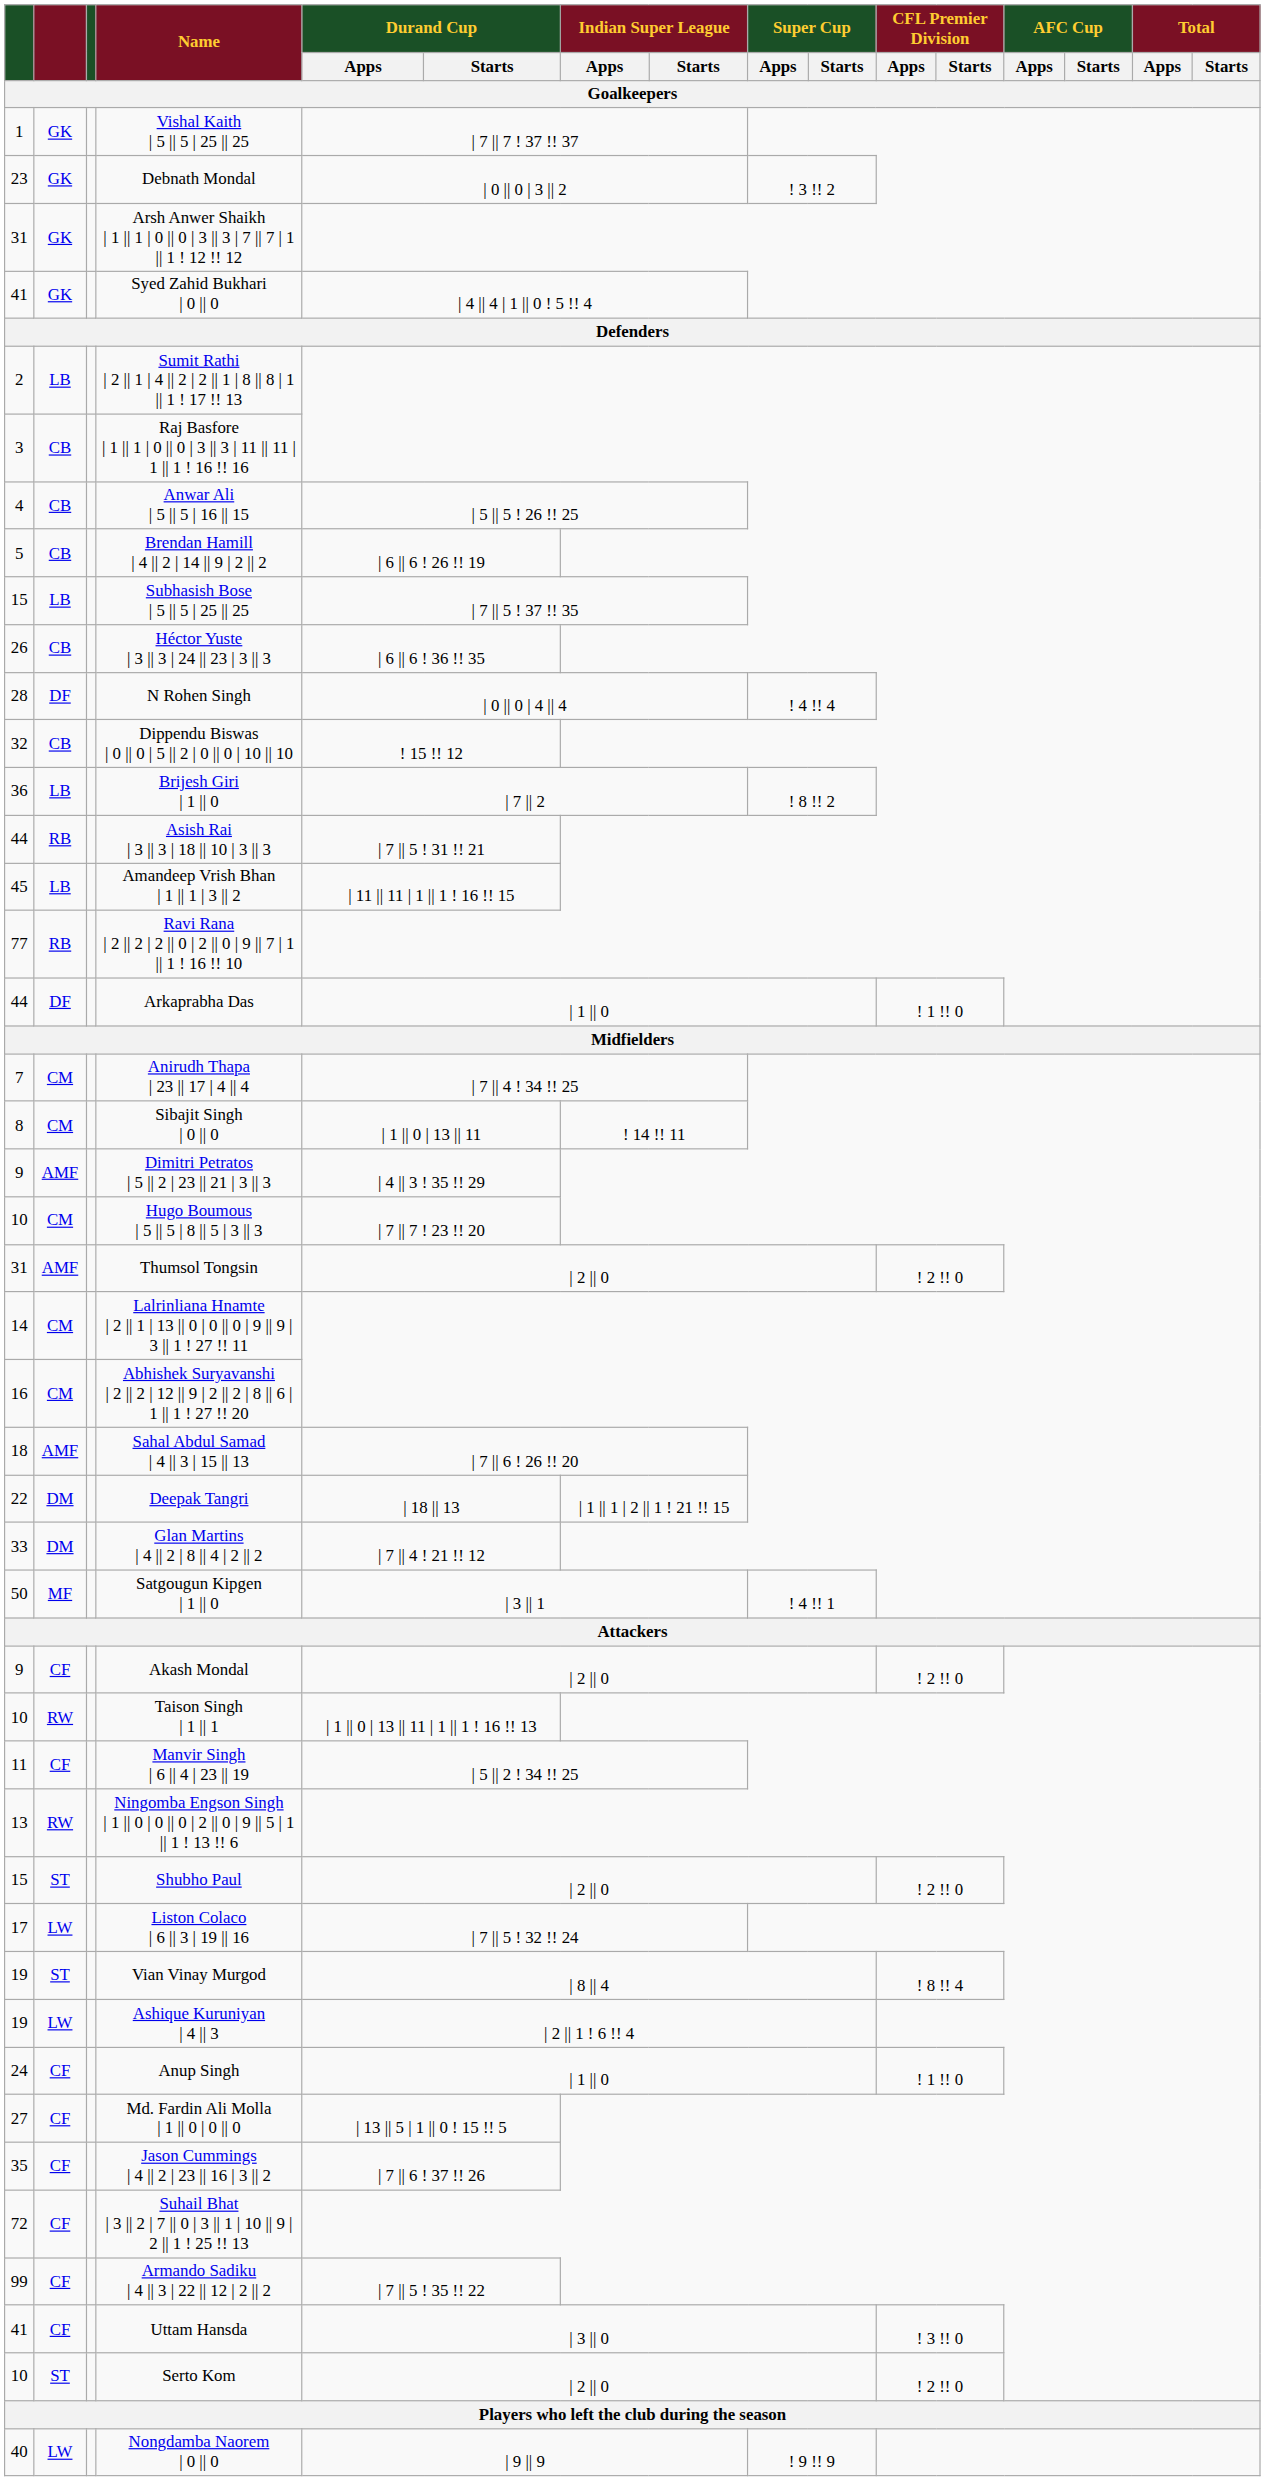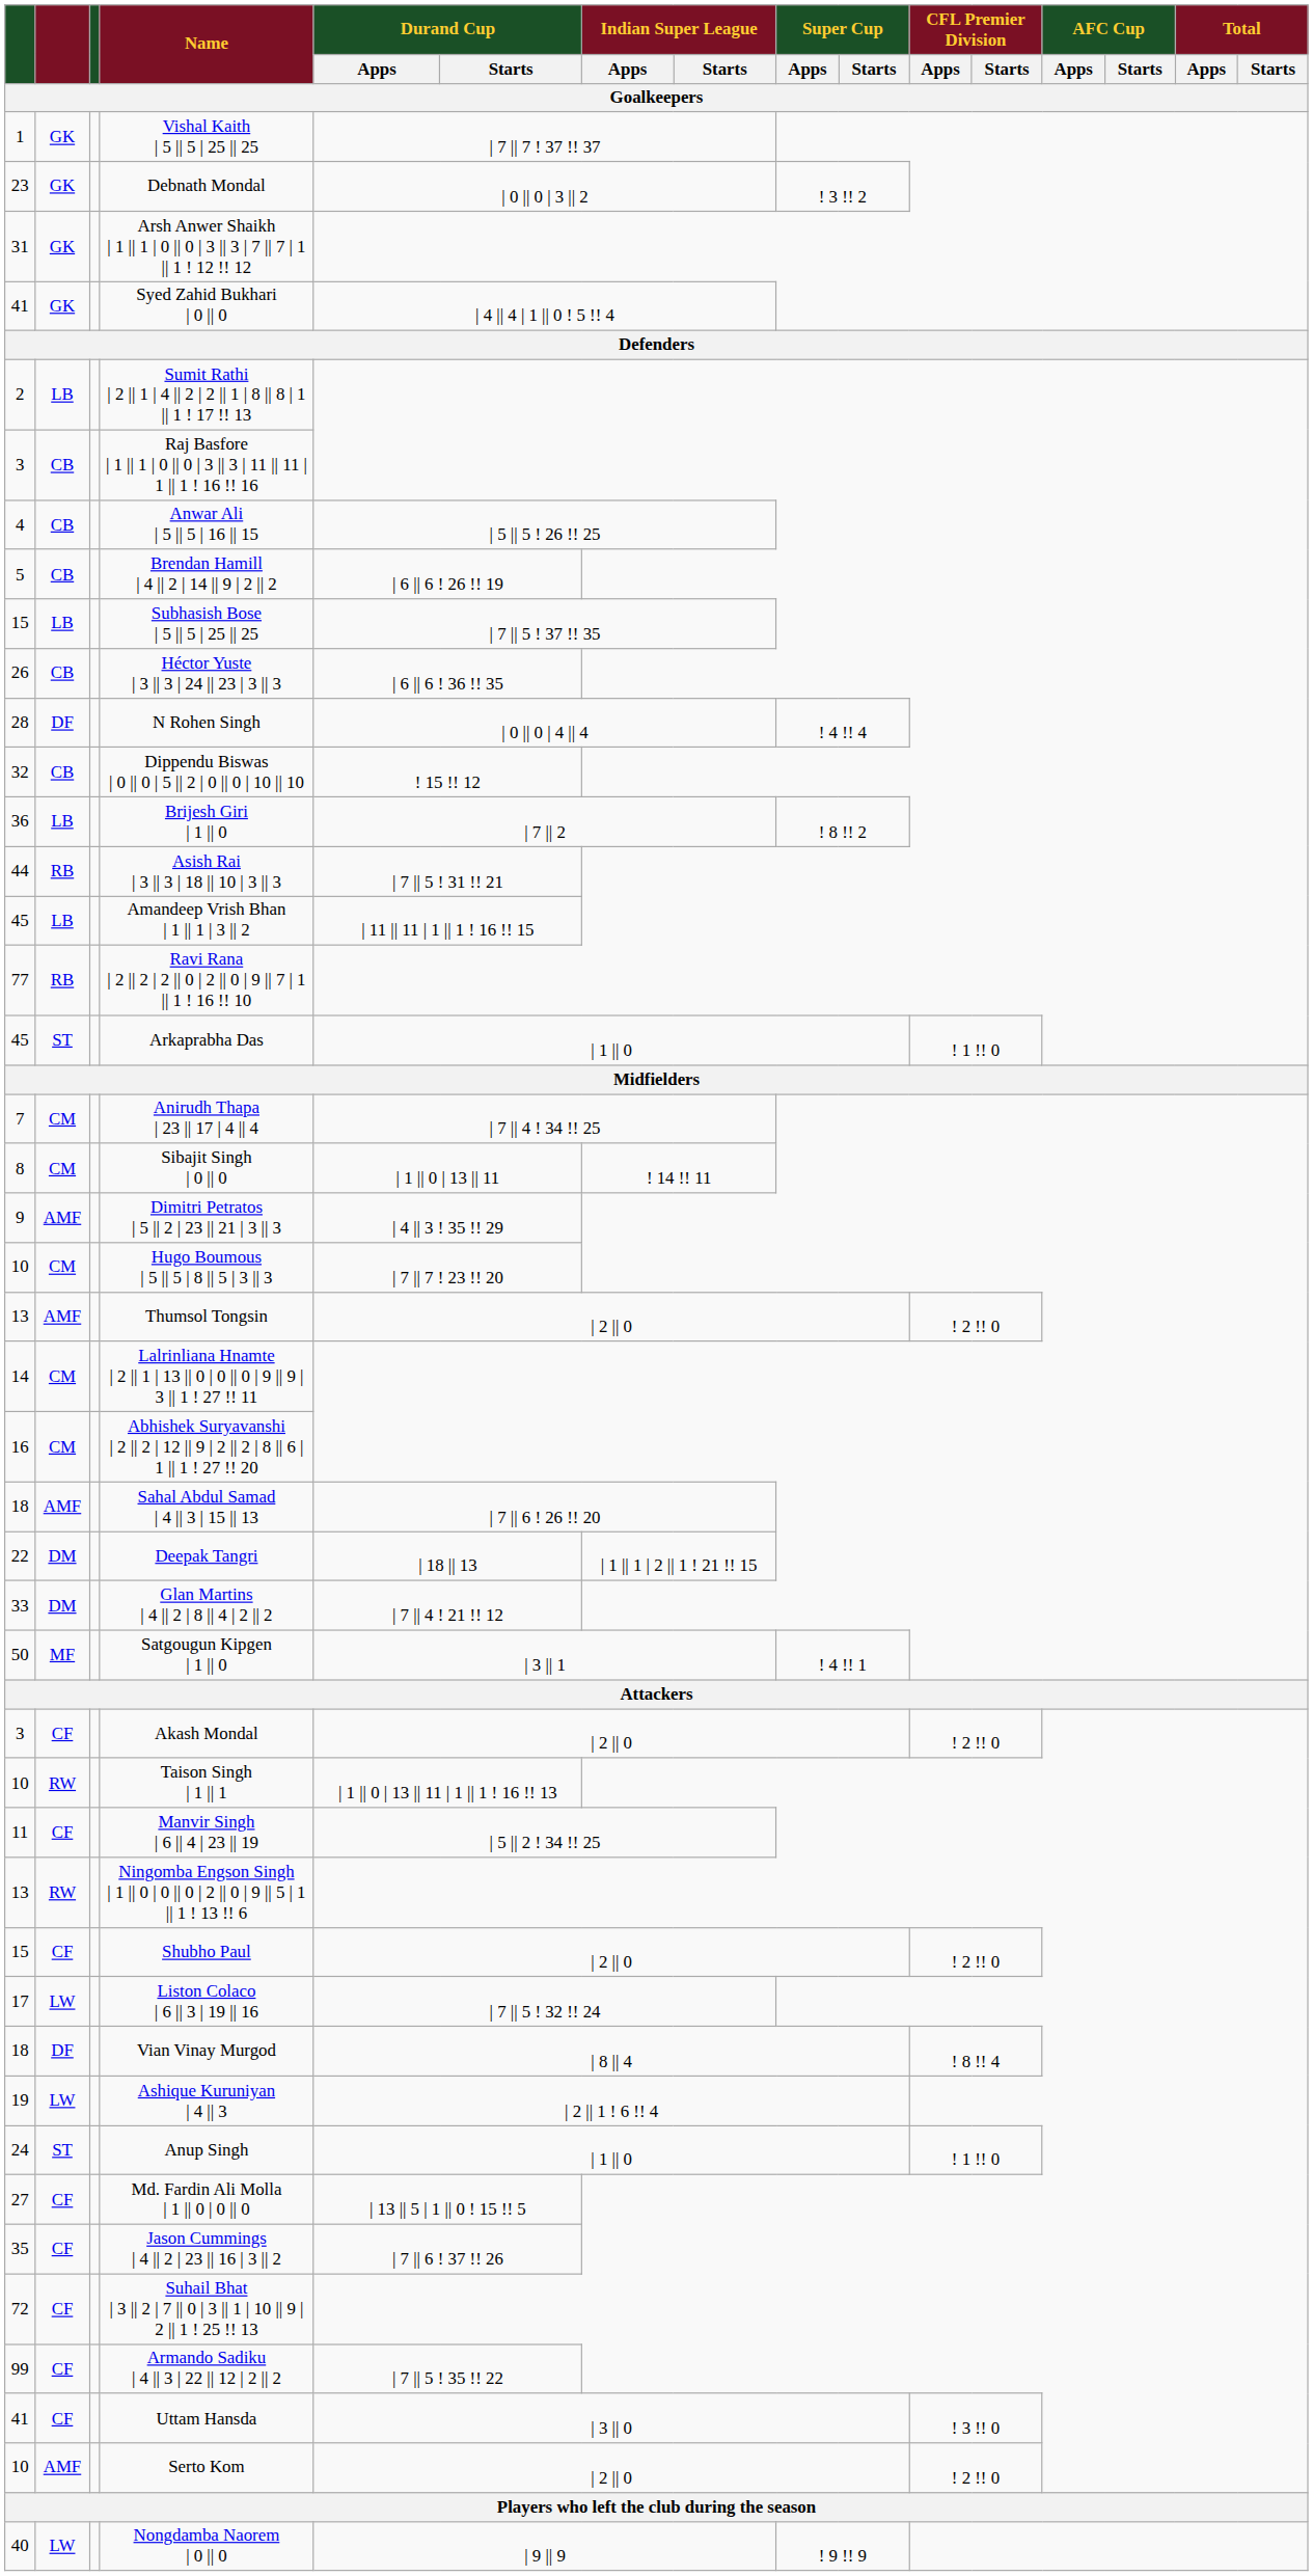 <table class="wikitable sortable" style="text-align:center; font-size:90%; width:85%;">
 <tr>
 <th style="background:#1A5026; color:#ffcd31; text-align:center;" rowspan="2"></th>
 <th style="background:#7A1024; color:#ffcd31; text-align:center;" rowspan="2"></th>
 <th style="background:#1A5026; color:#ffcd31; text-align:center;" rowspan="2"></th>
 <th style="background:#7A1024; color:#ffcd31; text-align:center; width:170px;" rowspan="2">Name</th>
 <th style="background:#1A5026; color:#ffcd31; text-align:center; width:86px;" colspan="2">Durand Cup</th>
 <th style="background:#7A1024; color:#ffcd31; text-align:center; width:86px;" colspan="2">Indian Super League</th>
 <th style="background:#1A5026; color:#ffcd31; text-align:center; width:86px;" colspan="2">Super Cup</th>
 <th style="background:#7A1024; color:#ffcd31; text-align:center; width:86px;" colspan="2">CFL Premier Division</th>
 <th style="background:#1A5026; color:#ffcd31; text-align:center; width:86px;" colspan="2">AFC Cup</th>
 <th style="background:#7A1024; color:#ffcd31; text-align:center; width:86px;" colspan="2">Total</th>
 </tr>
 <tr>
 <th>Apps</th>
 <th>Starts</th>
 <th>Apps</th>
 <th>Starts</th>
 <th>Apps</th>
 <th>Starts</th>
 <th>Apps</th>
 <th>Starts</th>
 <th>Apps</th>
 <th>Starts</th>
 <th>Apps</th>
 <th>Starts</th>
 </tr>
 <tr>
 <th colspan="16"><strong>Goalkeepers</strong></th>
 </tr>
 <tr>
 <td>1</td>
 <td><a href='#'>GK</a></td>
 <td></td>
 <td><a href='#'>Vishal Kaith</a><br>| 5 || 5 | 25 || 25</td>
 <td colspan="4"><br>| 7 ||  7 ! 37 !! 37</td>
 </tr>
 <tr>
 <td>23</td>
 <td><a href='#'>GK</a></td>
 <td></td>
 <td>Debnath Mondal</td>
 <td colspan="4"><br>| 0 || 0 | 3 || 2</td>
 <td colspan="2"><br>! 3 !! 2</td>
 </tr>
 <tr>
 <td>31</td>
 <td><a href='#'>GK</a></td>
 <td></td>
 <td>Arsh Anwer Shaikh<br>| 1 || 1  | 0 || 0 | 3 || 3 | 7 || 7  | 1 || 1 ! 12 !! 12</td>
 </tr>
 <tr>
 <td>41</td>
 <td><a href='#'>GK</a></td>
 <td></td>
 <td>Syed Zahid Bukhari<br>| 0 || 0</td>
 <td colspan="4"><br>| 4 || 4  | 1 || 0 ! 5 !! 4</td>
 </tr>
 <tr>
 <th colspan="16"><strong>Defenders</strong></th>
 </tr>
 <tr>
 <td>2</td>
 <td><a href='#'>LB</a></td>
 <td></td>
 <td><a href='#'>Sumit Rathi</a><br>| 2 || 1 | 4 || 2 | 2 || 1 | 8 || 8 | 1 || 1 ! 17 !! 13</td>
 </tr>
 <tr>
 <td>3</td>
 <td><a href='#'>CB</a></td>
 <td></td>
 <td>Raj Basfore<br>| 1 || 1 | 0 || 0 | 3 || 3 | 11 || 11 | 1 || 1 ! 16 !! 16</td>
 </tr>
 <tr>
 <td>4</td>
 <td><a href='#'>CB</a></td>
 <td></td>
 <td><a href='#'>Anwar Ali</a><br>| 5 || 5 | 16 || 15</td>
 <td colspan="4"><br>| 5 || 5 ! 26 !! 25</td>
 </tr>
 <tr>
 <td>5</td>
 <td><a href='#'>CB</a></td>
 <td></td>
 <td><a href='#'>Brendan Hamill</a><br>| 4 || 2 | 14 || 9 | 2 || 2</td>
 <td colspan="2"><br>| 6 || 6 ! 26 !! 19</td>
 </tr>
 <tr>
 <td>15</td>
 <td><a href='#'>LB</a></td>
 <td></td>
 <td><a href='#'>Subhasish Bose</a><br>| 5 || 5 | 25 || 25</td>
 <td colspan="4"><br>| 7 || 5 ! 37 !! 35</td>
 </tr>
 <tr>
 <td>26</td>
 <td><a href='#'>CB</a></td>
 <td></td>
 <td><a href='#'>Héctor Yuste</a><br>| 3 || 3 | 24 || 23 | 3 || 3</td>
 <td colspan="2"><br>| 6 || 6 ! 36 !! 35</td>
 </tr>
 <tr>
 <td>28</td>
 <td><a href='#'>DF</a></td>
 <td></td>
 <td>N Rohen Singh</td>
 <td colspan="4"><br>| 0 || 0 | 4 || 4</td>
 <td colspan="2"><br>! 4 !! 4</td>
 </tr>
 <tr>
 <td>32</td>
 <td><a href='#'>CB</a></td>
 <td></td>
 <td>Dippendu Biswas<br>| 0 || 0 | 5 || 2 | 0 || 0 | 10 || 10</td>
 <td colspan="2"><br>! 15 !! 12</td>
 </tr>
 <tr>
 <td>36</td>
 <td><a href='#'>LB</a></td>
 <td></td>
 <td><a href='#'>Brijesh Giri</a><br>| 1 || 0</td>
 <td colspan="4"><br>| 7 || 2</td>
 <td colspan="2"><br>! 8 !! 2</td>
 </tr>
 <tr>
 <td>44</td>
 <td><a href='#'>RB</a></td>
 <td></td>
 <td><a href='#'>Asish Rai</a><br>| 3 || 3 | 18 || 10 | 3 || 3</td>
 <td colspan="2"><br>| 7 || 5 ! 31 !! 21</td>
 </tr>
 <tr>
 <td>45</td>
 <td><a href='#'>LB</a></td>
 <td></td>
 <td>Amandeep Vrish Bhan<br>| 1 || 1 | 3 || 2</td>
 <td colspan="2"><br>| 11 || 11 | 1 || 1 ! 16 !! 15</td>
 </tr>
 <tr>
 <td>77</td>
 <td><a href='#'>RB</a></td>
 <td></td>
 <td><a href='#'>Ravi Rana</a><br>| 2 || 2 | 2 || 0 | 2 || 0  | 9 || 7  | 1 || 1 ! 16 !! 10</td>
 </tr>
 <tr>
-<td>44</td>
-<td><a href='#'>DF</a></td>
+<td>45</td>
+<td><a href='#'>ST</a></td>
 <td><br></td>
 <td>Arkaprabha Das</td>
 <td colspan="6"><br>| 1 || 0</td>
 <td colspan="2"><br>! 1 !! 0</td>
 </tr>
 <tr>
 <th colspan="16"><strong>Midfielders</strong></th>
 </tr>
 <tr>
 <td>7</td>
 <td><a href='#'>CM</a></td>
 <td></td>
 <td><a href='#'>Anirudh Thapa</a><br>| 23 || 17 | 4 || 4</td>
 <td colspan="4"><br>| 7 || 4 ! 34 !! 25</td>
 </tr>
 <tr>
 <td>8</td>
 <td><a href='#'>CM</a></td>
 <td></td>
 <td>Sibajit Singh<br>| 0 || 0</td>
 <td colspan="2"><br>| 1 || 0 | 13 || 11</td>
 <td colspan="2"><br>! 14 !! 11</td>
 </tr>
 <tr>
 <td>9</td>
 <td><a href='#'>AMF</a></td>
 <td></td>
 <td><a href='#'>Dimitri Petratos</a><br>| 5 || 2 | 23 || 21 | 3 || 3</td>
 <td colspan="2"><br>| 4 || 3 ! 35 !! 29</td>
 </tr>
 <tr>
 <td>10</td>
 <td><a href='#'>CM</a></td>
 <td></td>
 <td><a href='#'>Hugo Boumous</a><br>| 5 || 5 | 8 || 5 | 3 || 3</td>
 <td colspan="2"><br>| 7 || 7 ! 23 !! 20</td>
 </tr>
 <tr>
-<td>31</td>
+<td>13</td>
 <td><a href='#'>AMF</a></td>
 <td></td>
 <td>Thumsol Tongsin</td>
 <td colspan="6"><br>| 2 || 0</td>
 <td colspan="2"><br>! 2 !! 0</td>
 </tr>
 <tr>
 <td>14</td>
 <td><a href='#'>CM</a></td>
 <td></td>
 <td><a href='#'>Lalrinliana Hnamte</a><br>| 2 || 1 | 13 || 0 | 0 || 0 | 9 || 9 | 3 || 1 ! 27 !! 11</td>
 </tr>
 <tr>
 <td>16</td>
 <td><a href='#'>CM</a></td>
 <td></td>
 <td><a href='#'>Abhishek Suryavanshi</a><br>| 2 || 2 | 12 || 9 | 2 || 2 | 8 || 6 | 1 || 1 ! 27 !! 20</td>
 </tr>
 <tr>
 <td>18</td>
 <td><a href='#'>AMF</a></td>
 <td></td>
 <td><a href='#'>Sahal Abdul Samad</a><br>| 4 || 3 | 15 || 13</td>
 <td colspan="4"><br>| 7 || 6 ! 26 !! 20</td>
 </tr>
 <tr>
 <td>22</td>
 <td><a href='#'>DM</a></td>
 <td></td>
 <td><a href='#'>Deepak Tangri</a></td>
 <td colspan="2"><br>| 18 || 13</td>
 <td colspan="2"><br>| 1 || 1 | 2 || 1 ! 21 !! 15</td>
 </tr>
 <tr>
 <td>33</td>
 <td><a href='#'>DM</a></td>
 <td></td>
 <td><a href='#'>Glan Martins</a><br>| 4 || 2 | 8 || 4 | 2 || 2</td>
 <td colspan="2"><br>| 7 || 4 ! 21 !! 12</td>
 </tr>
 <tr>
 <td>50</td>
 <td><a href='#'>MF</a></td>
 <td></td>
 <td>Satgougun Kipgen<br>| 1 || 0</td>
 <td colspan="4"><br>| 3 || 1</td>
 <td colspan="2"><br>! 4 !! 1</td>
 </tr>
 <tr>
 <th colspan="16"><strong>Attackers</strong></th>
 </tr>
 <tr>
-<td>9</td>
+<td>3</td>
 <td><a href='#'>CF</a></td>
 <td></td>
 <td>Akash Mondal</td>
 <td colspan="6"><br>| 2 || 0</td>
 <td colspan="2"><br>! 2 !! 0</td>
 </tr>
 <tr>
 <td>10</td>
 <td><a href='#'>RW</a></td>
 <td></td>
 <td>Taison Singh<br>| 1 || 1</td>
 <td colspan="2"><br>| 1 || 0 | 13 || 11 | 1 || 1 ! 16 !! 13</td>
 </tr>
 <tr>
 <td>11</td>
 <td><a href='#'>CF</a></td>
 <td></td>
 <td><a href='#'>Manvir Singh</a><br>| 6 || 4 | 23 || 19</td>
 <td colspan="4"><br>| 5 || 2 ! 34 !! 25</td>
 </tr>
 <tr>
 <td>13</td>
 <td><a href='#'>RW</a></td>
 <td></td>
 <td><a href='#'>Ningomba Engson Singh</a><br>| 1 || 0 | 0 || 0 | 2 || 0 | 9 || 5 | 1 || 1 ! 13 !! 6</td>
 </tr>
 <tr>
 <td>15</td>
-<td><a href='#'>ST</a></td>
+<td><a href='#'>CF</a></td>
 <td></td>
 <td><a href='#'>Shubho Paul</a></td>
 <td colspan="6"><br>| 2 || 0</td>
 <td colspan="2"><br>! 2 !! 0</td>
 </tr>
 <tr>
 <td>17</td>
 <td><a href='#'>LW</a></td>
 <td></td>
 <td><a href='#'>Liston Colaco</a><br>| 6 || 3 | 19 || 16</td>
 <td colspan="4"><br>| 7 || 5 ! 32 !! 24</td>
 </tr>
 <tr>
-<td>19</td>
-<td><a href='#'>ST</a></td>
+<td>18</td>
+<td><a href='#'>DF</a></td>
 <td></td>
 <td>Vian Vinay Murgod</td>
 <td colspan="6"><br>| 8 || 4</td>
 <td colspan="2"><br>! 8 !! 4</td>
 </tr>
 <tr>
 <td>19</td>
 <td><a href='#'>LW</a></td>
 <td></td>
 <td><a href='#'>Ashique Kuruniyan</a><br>| 4 || 3</td>
 <td colspan="6"><br>| 2 || 1 ! 6 !! 4</td>
 </tr>
 <tr>
 <td>24</td>
-<td><a href='#'>CF</a></td>
+<td><a href='#'>ST</a></td>
 <td></td>
 <td>Anup Singh</td>
 <td colspan="6"><br>| 1 || 0</td>
 <td colspan="2"><br>! 1 !! 0</td>
 </tr>
 <tr>
 <td>27</td>
 <td><a href='#'>CF</a></td>
 <td></td>
 <td>Md. Fardin Ali Molla<br>| 1 || 0 | 0 || 0</td>
 <td colspan="2"><br>| 13 || 5  | 1 || 0 ! 15 !! 5</td>
 </tr>
 <tr>
 <td>35</td>
 <td><a href='#'>CF</a></td>
 <td></td>
 <td><a href='#'>Jason Cummings</a><br>| 4 || 2 | 23 || 16 | 3 || 2</td>
 <td colspan="2"><br>| 7 || 6 ! 37 !! 26</td>
 </tr>
 <tr>
 <td>72</td>
 <td><a href='#'>CF</a></td>
 <td></td>
 <td><a href='#'>Suhail Bhat</a><br>| 3 || 2 | 7 || 0 | 3 || 1 | 10 || 9 | 2 || 1 ! 25 !! 13</td>
 </tr>
 <tr>
 <td>99</td>
 <td><a href='#'>CF</a></td>
 <td></td>
 <td><a href='#'>Armando Sadiku</a><br>| 4 || 3 | 22 || 12 | 2 || 2</td>
 <td colspan="2"><br>| 7 || 5 ! 35 !! 22</td>
 </tr>
 <tr>
 <td>41</td>
 <td><a href='#'>CF</a></td>
 <td></td>
 <td>Uttam Hansda</td>
 <td colspan="6"><br>| 3 || 0</td>
 <td colspan="2"><br>! 3 !! 0</td>
 </tr>
 <tr>
 <td>10</td>
-<td><a href='#'>ST</a></td>
+<td><a href='#'>AMF</a></td>
 <td></td>
 <td>Serto Kom</td>
 <td colspan="6"><br>| 2 || 0</td>
 <td colspan="2"><br>! 2 !! 0</td>
 </tr>
 <tr>
 <th colspan="16"><strong>Players who left the club during the season</strong></th>
 </tr>
 <tr>
 <td>40</td>
 <td><a href='#'>LW</a></td>
 <td></td>
 <td><a href='#'>Nongdamba Naorem</a><br>| 0 || 0</td>
 <td colspan="4"><br>| 9 || 9</td>
 <td colspan="2"><br>! 9 !! 9</td>
 </tr>
 </table>
